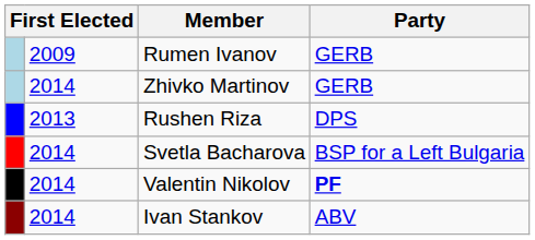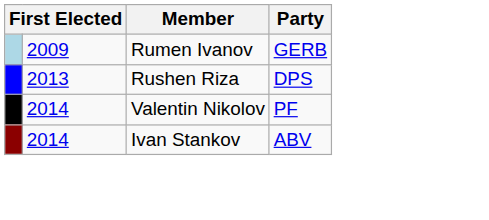 <table class="wikitable">
 <tr>
 <th colspan="2">First Elected</th>
 <th>Member</th>
 <th>Party</th>
 </tr>
 <tr>
 <td style="background-color: lightblue"></td>
 <td><a href='#'>2009</a></td>
 <td>Rumen Ivanov</td>
 <td><a href='#'>GERB</a></td>
 </tr>
 <tr>
-<td style="background-color: lightblue"></td>
-<td><a href='#'>2014</a></td>
-<td>Zhivko Martinov</td>
-<td><a href='#'>GERB</a></td>
-</tr>
-<tr>
 <td style="background-color: blue"></td>
 <td><a href='#'>2013</a></td>
 <td>Rushen Riza</td>
 <td><a href='#'>DPS</a></td>
 </tr>
 <tr>
-<td style="background-color: red"></td>
-<td><a href='#'>2014</a></td>
-<td>Svetla Bacharova</td>
-<td><a href='#'>BSP for a Left Bulgaria</a></td>
-</tr>
-<tr>
 <td style="background-color: black"></td>
 <td><a href='#'>2014</a></td>
 <td>Valentin Nikolov</td>
-<td><strong><a href='#'> PF</a></strong></td>
+<td><a href='#'> PF</a></td>
 </tr>
 <tr>
 <td style="background-color: darkred"></td>
 <td><a href='#'>2014</a></td>
 <td>Ivan Stankov</td>
 <td><a href='#'>ABV</a></td>
 </tr>
 </table>
